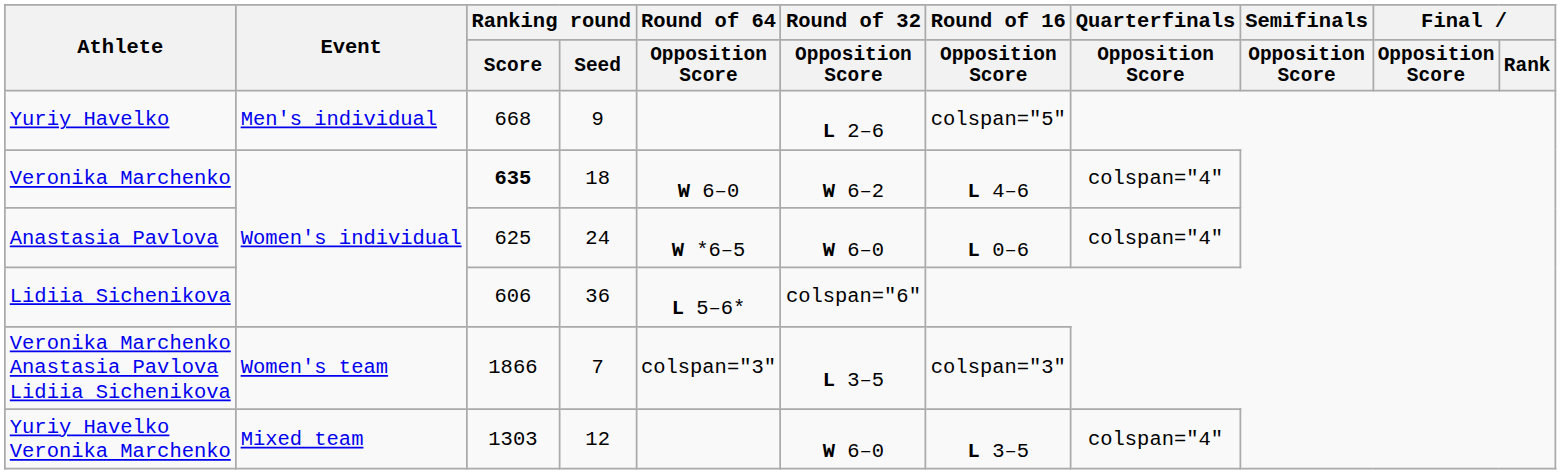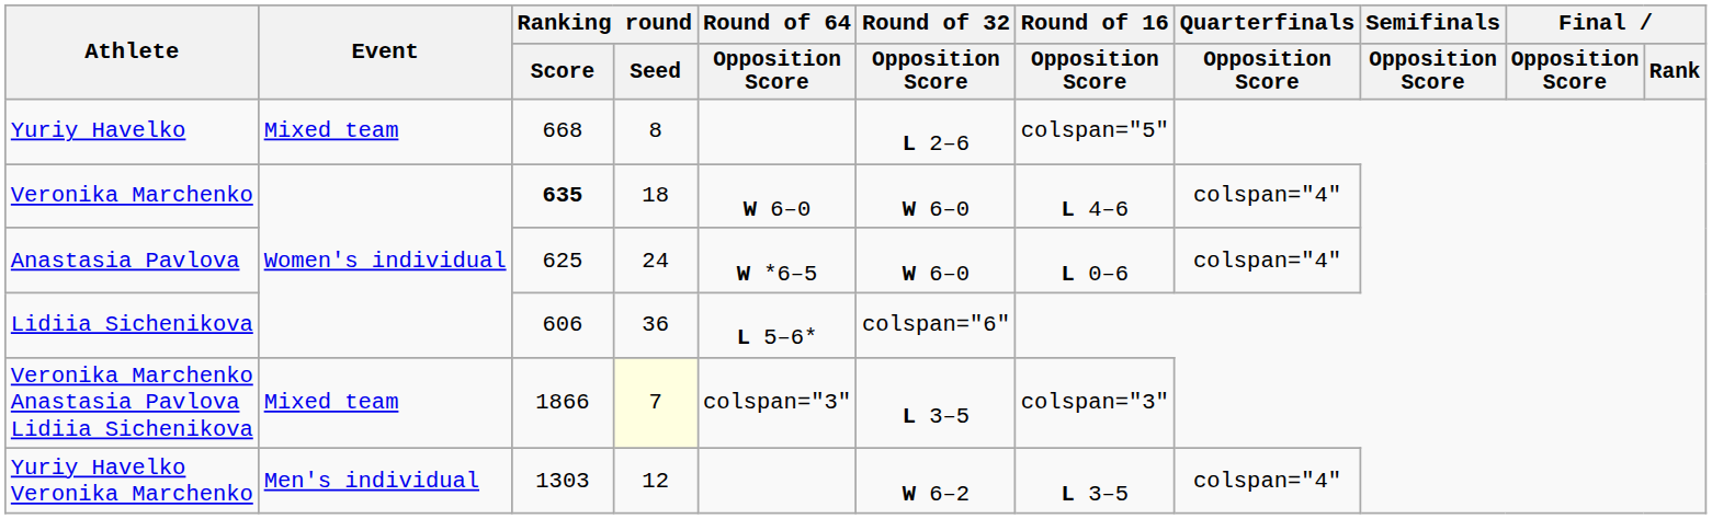 <table class="wikitable" style="text-align:center; font-size:90%">
 <tr>
 <th rowspan="2">Athlete</th>
 <th rowspan="2">Event</th>
 <th colspan="2">Ranking round</th>
 <th>Round of 64</th>
 <th>Round of 32</th>
 <th>Round of 16</th>
 <th>Quarterfinals</th>
 <th>Semifinals</th>
 <th colspan="2">Final / </th>
 </tr>
 <tr style="font-size:95%">
 <th>Score</th>
 <th>Seed</th>
 <th>Opposition<br>Score</th>
 <th>Opposition<br>Score</th>
 <th>Opposition<br>Score</th>
 <th>Opposition<br>Score</th>
 <th>Opposition<br>Score</th>
 <th>Opposition<br>Score</th>
 <th>Rank</th>
 </tr>
 <tr>
 <td align="left"><a href='#'>Yuriy Havelko</a></td>
-<td align="left"><a href='#'>Men's individual</a></td>
+<td align="left"><a href='#'>Mixed team</a></td>
 <td>668</td>
-<td>9</td>
+<td>8</td>
 <td></td>
 <td><br><strong>L</strong> 2–6</td>
 <td>colspan="5" </td>
 </tr>
 <tr>
 <td align="left"><a href='#'>Veronika Marchenko</a></td>
 <td align="left" rowspan="3"><a href='#'>Women's individual</a></td>
 <td><strong>635</strong></td>
 <td>18</td>
 <td><br><strong>W</strong> 6–0</td>
-<td><br><strong>W</strong> 6–2</td>
+<td><br><strong>W</strong> 6–0</td>
 <td><br><strong>L</strong> 4–6</td>
 <td>colspan="4" </td>
 </tr>
 <tr>
 <td align="left"><a href='#'>Anastasia Pavlova</a></td>
 <td>625</td>
 <td>24</td>
 <td><br><strong>W</strong> *6–5</td>
 <td><br><strong>W</strong> 6–0</td>
 <td><br><strong>L</strong> 0–6</td>
 <td>colspan="4" </td>
 </tr>
 <tr>
 <td align="left"><a href='#'>Lidiia Sichenikova</a></td>
 <td>606</td>
 <td>36</td>
 <td><br><strong>L</strong> 5–6*</td>
 <td>colspan="6" </td>
 </tr>
 <tr>
 <td align="left"><a href='#'>Veronika Marchenko</a><br><a href='#'>Anastasia Pavlova</a><br><a href='#'>Lidiia Sichenikova</a></td>
-<td align="left"><a href='#'>Women's team</a></td>
+<td align="left"><a href='#'>Mixed team</a></td>
 <td>1866</td>
-<td>7</td>
+<td style="background: lightyellow;">7</td>
 <td>colspan="3" </td>
 <td><br><strong>L</strong> 3–5</td>
 <td>colspan="3" </td>
 </tr>
 <tr>
 <td align="left"><a href='#'>Yuriy Havelko</a><br><a href='#'>Veronika Marchenko</a></td>
-<td align="left"><a href='#'>Mixed team</a></td>
+<td align="left"><a href='#'>Men's individual</a></td>
 <td>1303</td>
 <td>12</td>
 <td></td>
-<td><br><strong>W</strong> 6–0</td>
+<td><br><strong>W</strong> 6–2</td>
 <td><br><strong>L</strong> 3–5</td>
 <td>colspan="4" </td>
 </tr>
 </table>
